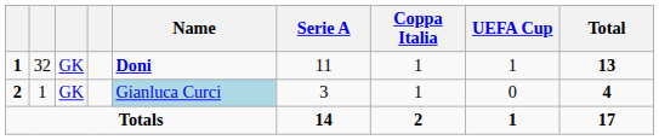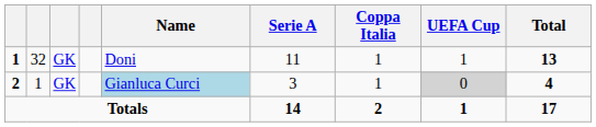 <table class="wikitable" style="text-align:center">
 <tr>
 <th width=15></th>
 <th width=15></th>
 <th width=15></th>
 <th width=15></th>
 <th width=145>Name</th>
 <th width=80><strong><a href='#'>Serie A</a></strong></th>
 <th width=80><strong><a href='#'>Coppa Italia</a></strong></th>
 <th width=80><strong><a href='#'>UEFA Cup</a></strong></th>
 <th width=80>Total</th>
 </tr>
 <tr>
 <td><strong>1</strong></td>
 <td>32</td>
 <td><a href='#'>GK</a></td>
 <td></td>
-<td align=left><strong><a href='#'>Doni</a></strong></td>
+<td align=left><a href='#'>Doni</a></td>
 <td>11</td>
 <td>1</td>
 <td>1</td>
 <td><strong>13</strong></td>
 </tr>
 <tr>
 <td><strong>2</strong></td>
 <td>1</td>
 <td><a href='#'>GK</a></td>
 <td></td>
 <td align=left style="background: lightblue;"><a href='#'>Gianluca Curci</a></td>
 <td>3</td>
 <td>1</td>
-<td>0</td>
+<td style="background: lightgrey;">0</td>
 <td><strong>4</strong></td>
 </tr>
 <tr>
 <td colspan=5><strong>Totals</strong></td>
 <td><strong>14</strong></td>
 <td><strong>2</strong></td>
 <td><strong>1</strong></td>
 <td><strong>17</strong></td>
 </tr>
 </table>
